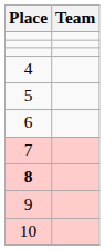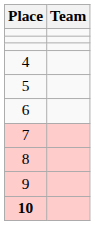 <table class="wikitable">
 <tr>
 <th>Place</th>
 <th>Team</th>
 </tr>
 <tr>
 <td align=center></td>
 <td></td>
 </tr>
 <tr>
 <td align=center></td>
 <td></td>
 </tr>
 <tr>
 <td align=center></td>
 <td></td>
 </tr>
 <tr>
 <td align=center>4</td>
 <td></td>
 </tr>
 <tr>
 <td align=center>5</td>
 <td></td>
 </tr>
 <tr>
 <td align=center>6</td>
 <td></td>
 </tr>
 <tr bgcolor=#ffcccc>
 <td align=center>7</td>
 <td></td>
 </tr>
 <tr bgcolor=#ffcccc>
-<td align=center><strong>8</strong></td>
+<td align=center>8</td>
 <td></td>
 </tr>
 <tr bgcolor=#ffcccc>
 <td align=center>9</td>
 <td></td>
 </tr>
 <tr bgcolor=#ffcccc>
-<td align=center>10</td>
+<td align=center><strong>10</strong></td>
 <td></td>
 </tr>
 </table>
